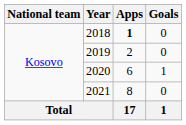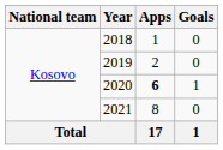 <table class="wikitable" style="text-align:center">
 <tr>
 <th>National team</th>
 <th>Year</th>
 <th>Apps</th>
 <th>Goals</th>
 </tr>
 <tr>
 <td rowspan="4"><a href='#'>Kosovo</a></td>
 <td>2018</td>
-<td><strong>1</strong></td>
+<td>1</td>
 <td>0</td>
 </tr>
 <tr>
 <td>2019</td>
 <td>2</td>
 <td>0</td>
 </tr>
 <tr>
 <td>2020</td>
-<td>6</td>
+<td><strong>6</strong></td>
 <td>1</td>
 </tr>
 <tr>
 <td>2021</td>
 <td>8</td>
 <td>0</td>
 </tr>
 <tr>
 <th colspan="2">Total</th>
 <th>17</th>
 <th>1</th>
 </tr>
 </table>
